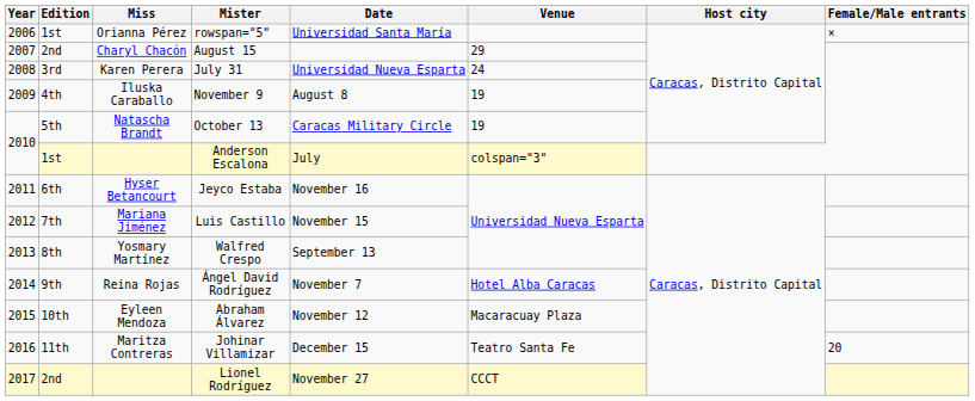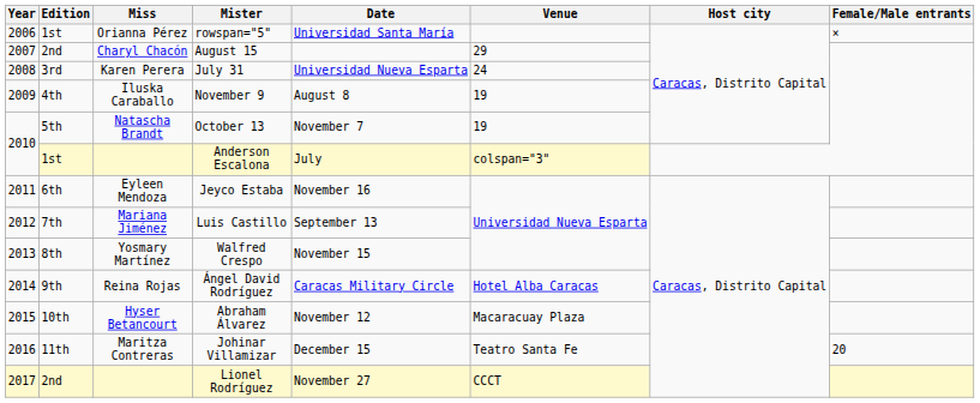 <table class="wikitable sortable" style="font-size: 95%;">
 <tr>
 <th>Year</th>
 <th>Edition</th>
 <th width="100">Miss</th>
 <th width="100">Mister</th>
 <th>Date</th>
 <th>Venue</th>
 <th>Host city</th>
 <th>Female/Male entrants</th>
 </tr>
 <tr>
 <td>2006</td>
 <td>1st</td>
 <td align="center">Orianna Pérez<br></td>
 <td>rowspan="5" </td>
 <td><a href='#'>Universidad Santa María</a></td>
 <td></td>
 <td rowspan="5"><a href='#'>Caracas</a>, Distrito Capital</td>
 <td>×</td>
 </tr>
 <tr>
 <td>2007</td>
 <td>2nd</td>
 <td align="center"><a href='#'>Charyl Chacón</a><br></td>
 <td>August 15</td>
 <td></td>
 <td>29</td>
 </tr>
 <tr>
 <td>2008</td>
 <td>3rd</td>
 <td align="center">Karen Perera<br></td>
 <td>July 31</td>
 <td><a href='#'>Universidad Nueva Esparta</a></td>
 <td>24</td>
 </tr>
 <tr>
 <td>2009</td>
 <td>4th</td>
 <td align="center">Iluska Caraballo<br></td>
 <td>November 9</td>
 <td>August 8</td>
 <td>19</td>
 </tr>
 <tr>
 <td rowspan="2">2010</td>
 <td>5th</td>
 <td align="center"><a href='#'>Natascha Brandt</a></td>
 <td>October 13</td>
-<td><a href='#'>Caracas Military Circle</a></td>
+<td>November 7</td>
 <td>19</td>
 </tr>
 <tr bgcolor="FFFACD">
 <td>1st</td>
 <td></td>
 <td align="center">Anderson Escalona<br></td>
 <td>July</td>
 <td>colspan="3" </td>
 </tr>
 <tr>
 <td>2011</td>
 <td>6th</td>
-<td align="center"><a href='#'>Hyser Betancourt</a><br></td>
+<td align="center">Eyleen Mendoza<br></td>
 <td align="center">Jeyco Estaba<br></td>
 <td>November 16</td>
 <td rowspan="3"><a href='#'>Universidad Nueva Esparta</a></td>
 <td rowspan="7"><a href='#'>Caracas</a>, Distrito Capital</td>
 <td></td>
 </tr>
 <tr>
 <td>2012</td>
 <td>7th</td>
 <td align="center"><a href='#'>Mariana Jiménez</a><br></td>
 <td align="center">Luis Castillo<br></td>
-<td>November 15</td>
+<td>September 13</td>
 <td></td>
 </tr>
 <tr>
 <td>2013</td>
 <td>8th</td>
 <td align="center">Yosmary Martínez<br></td>
 <td align="center">Walfred Crespo<br></td>
-<td>September 13</td>
+<td>November 15</td>
 <td></td>
 </tr>
 <tr>
 <td>2014</td>
 <td>9th</td>
 <td align="center">Reina Rojas<br></td>
 <td align="center">Ángel David Rodríguez<br></td>
-<td>November 7</td>
+<td><a href='#'>Caracas Military Circle</a></td>
 <td><a href='#'>Hotel Alba Caracas</a></td>
 <td></td>
 </tr>
 <tr>
 <td>2015</td>
 <td>10th</td>
-<td align="center">Eyleen Mendoza<br></td>
+<td align="center"><a href='#'>Hyser Betancourt</a><br></td>
 <td align="center">Abraham Álvarez<br></td>
 <td>November 12</td>
 <td>Macaracuay Plaza</td>
 <td></td>
 </tr>
 <tr>
 <td>2016</td>
 <td>11th</td>
 <td align="center">Maritza Contreras<br></td>
 <td align="center">Johinar Villamizar<br></td>
 <td>December 15</td>
 <td>Teatro Santa Fe</td>
 <td>20</td>
 </tr>
 <tr bgcolor="FFFACD">
 <td>2017</td>
 <td>2nd</td>
 <td></td>
 <td align="center">Lionel Rodríguez<br></td>
 <td>November 27</td>
 <td>CCCT</td>
 <td></td>
 </tr>
 </table>
